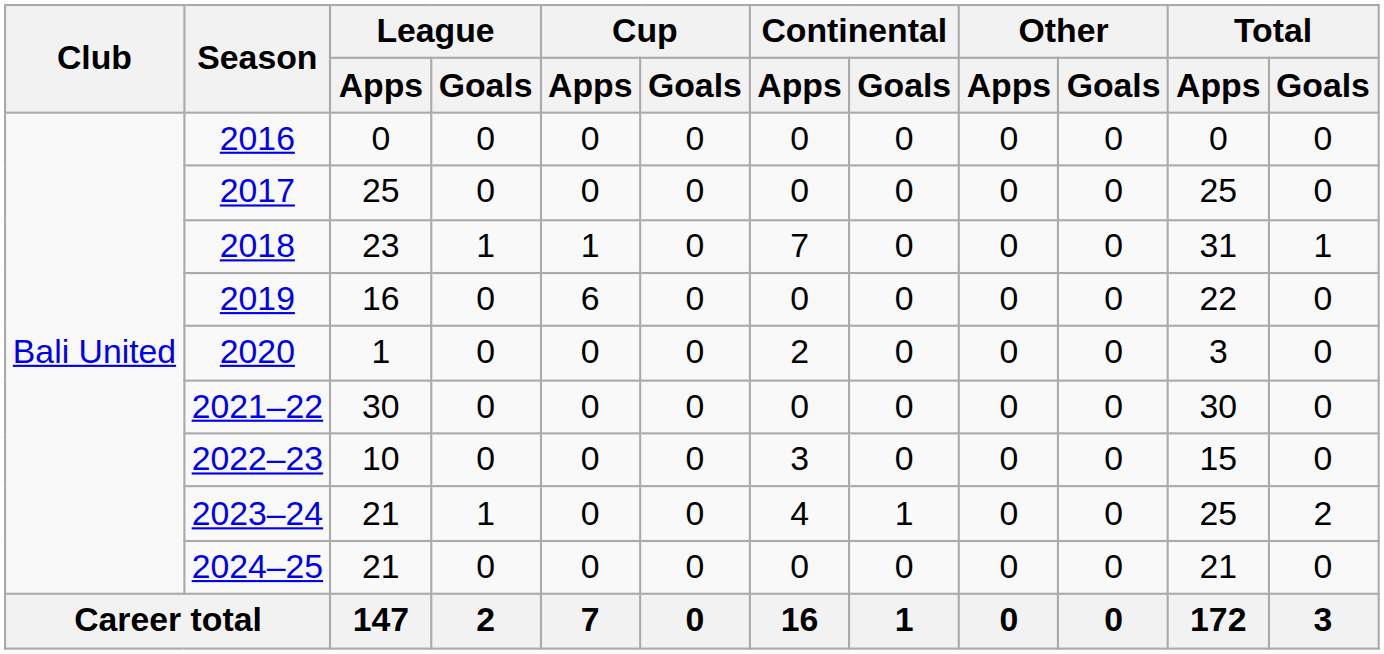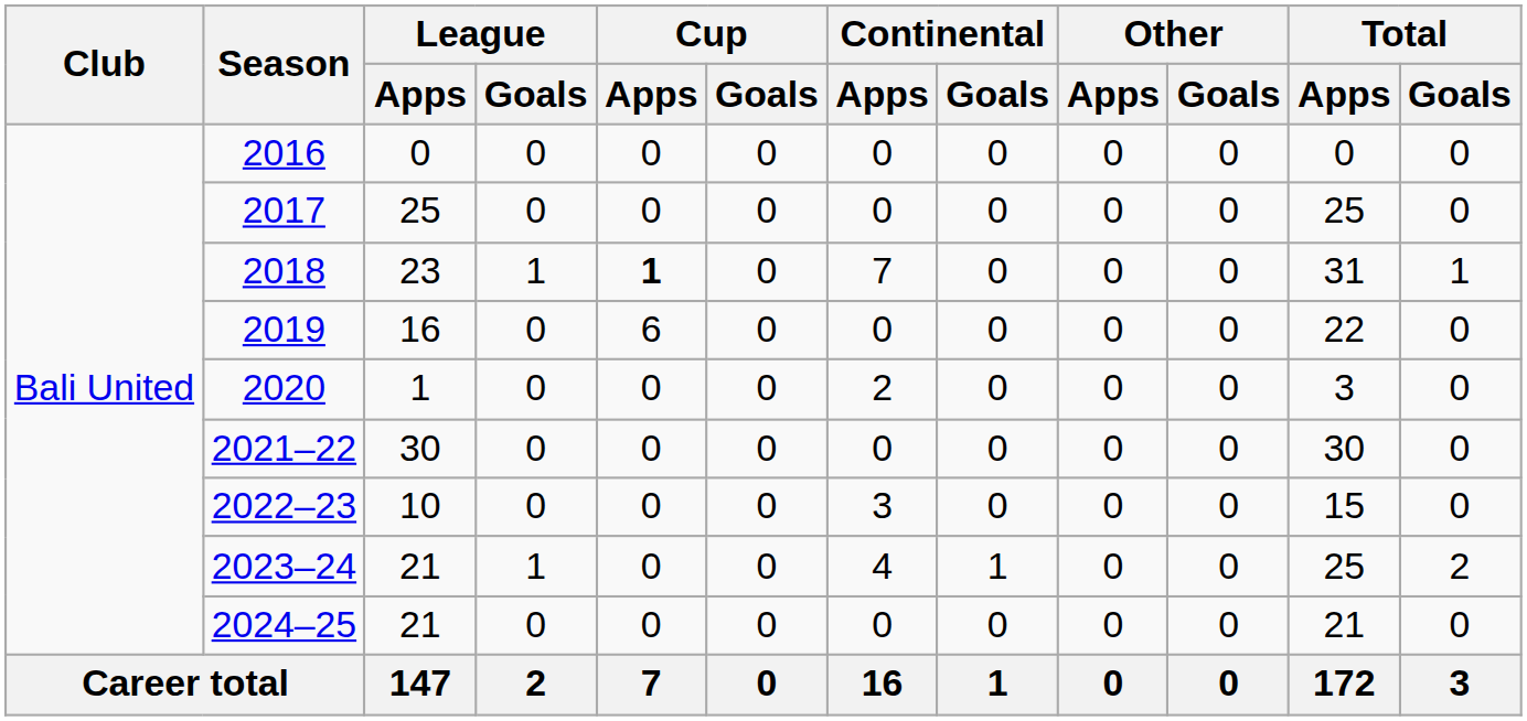 <table class="wikitable" style="text-align:center">
 <tr>
 <th rowspan="2">Club</th>
 <th rowspan="2">Season</th>
 <th colspan="2">League</th>
 <th colspan="2">Cup</th>
 <th colspan="2">Continental</th>
 <th colspan="2">Other</th>
 <th colspan="2">Total</th>
 </tr>
 <tr>
 <th>Apps</th>
 <th>Goals</th>
 <th>Apps</th>
 <th>Goals</th>
 <th>Apps</th>
 <th>Goals</th>
 <th>Apps</th>
 <th>Goals</th>
 <th>Apps</th>
 <th>Goals</th>
 </tr>
 <tr>
 <td rowspan="9" valign="center"><a href='#'>Bali United</a></td>
 <td><a href='#'>2016</a></td>
 <td>0</td>
 <td>0</td>
 <td>0</td>
 <td>0</td>
 <td>0</td>
 <td>0</td>
 <td>0</td>
 <td>0</td>
 <td>0</td>
 <td>0</td>
 </tr>
 <tr>
 <td><a href='#'>2017</a></td>
 <td>25</td>
 <td>0</td>
 <td>0</td>
 <td>0</td>
 <td>0</td>
 <td>0</td>
 <td>0</td>
 <td>0</td>
 <td>25</td>
 <td>0</td>
 </tr>
 <tr>
 <td><a href='#'>2018</a></td>
 <td>23</td>
 <td>1</td>
-<td>1</td>
+<td><strong>1</strong></td>
 <td>0</td>
 <td>7</td>
 <td>0</td>
 <td>0</td>
 <td>0</td>
 <td>31</td>
 <td>1</td>
 </tr>
 <tr>
 <td><a href='#'>2019</a></td>
 <td>16</td>
 <td>0</td>
 <td>6</td>
 <td>0</td>
 <td>0</td>
 <td>0</td>
 <td>0</td>
 <td>0</td>
 <td>22</td>
 <td>0</td>
 </tr>
 <tr>
 <td><a href='#'>2020</a></td>
 <td>1</td>
 <td>0</td>
 <td>0</td>
 <td>0</td>
 <td>2</td>
 <td>0</td>
 <td>0</td>
 <td>0</td>
 <td>3</td>
 <td>0</td>
 </tr>
 <tr>
 <td><a href='#'>2021–22</a></td>
 <td>30</td>
 <td>0</td>
 <td>0</td>
 <td>0</td>
 <td>0</td>
 <td>0</td>
 <td>0</td>
 <td>0</td>
 <td>30</td>
 <td>0</td>
 </tr>
 <tr>
 <td><a href='#'>2022–23</a></td>
 <td>10</td>
 <td>0</td>
 <td>0</td>
 <td>0</td>
 <td>3</td>
 <td>0</td>
 <td>0</td>
 <td>0</td>
 <td>15</td>
 <td>0</td>
 </tr>
 <tr>
 <td><a href='#'>2023–24</a></td>
 <td>21</td>
 <td>1</td>
 <td>0</td>
 <td>0</td>
 <td>4</td>
 <td>1</td>
 <td>0</td>
 <td>0</td>
 <td>25</td>
 <td>2</td>
 </tr>
 <tr>
 <td><a href='#'>2024–25</a></td>
 <td>21</td>
 <td>0</td>
 <td>0</td>
 <td>0</td>
 <td>0</td>
 <td>0</td>
 <td>0</td>
 <td>0</td>
 <td>21</td>
 <td>0</td>
 </tr>
 <tr>
 <th colspan="2">Career total</th>
 <th>147</th>
 <th>2</th>
 <th>7</th>
 <th>0</th>
 <th>16</th>
 <th>1</th>
 <th>0</th>
 <th>0</th>
 <th>172</th>
 <th>3</th>
 </tr>
 </table>
